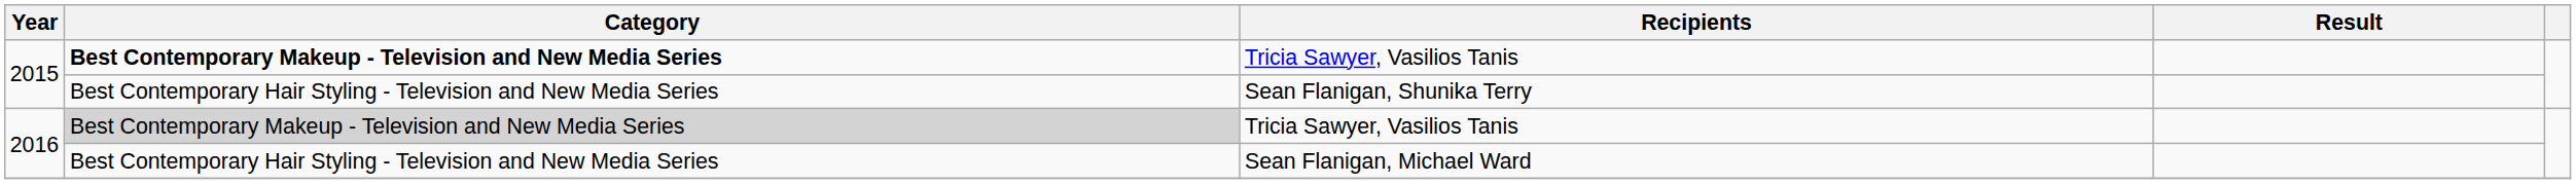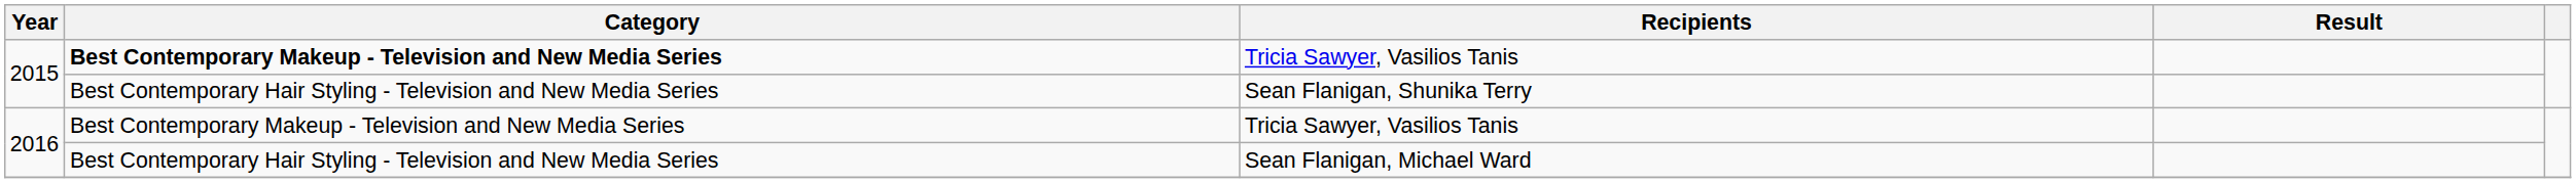 <table class="wikitable plainrowheaders" style="font-size: 90%" width=85%>
 <tr>
 <th scope="col" style="width:2%;">Year</th>
 <th scope="col" style="width:45%;">Category</th>
 <th scope="col" style="width:35%;">Recipients</th>
 <th scope="col" style="width:15%;">Result</th>
 <th scope="col" class="unsortable" style="width:1%;"></th>
 </tr>
 <tr>
 <td rowspan=2>2015</td>
 <td><strong>Best Contemporary Makeup - Television and New Media Series</strong></td>
 <td><a href='#'>Tricia Sawyer</a>, Vasilios Tanis</td>
 <td></td>
 <td rowspan=2 style="text-align:center;"></td>
 </tr>
 <tr>
 <td>Best Contemporary Hair Styling - Television and New Media Series</td>
 <td>Sean Flanigan, Shunika Terry</td>
 <td></td>
 </tr>
 <tr>
 <td rowspan=2>2016</td>
-<td style="background: lightgrey;">Best Contemporary Makeup - Television and New Media Series</td>
+<td>Best Contemporary Makeup - Television and New Media Series</td>
 <td>Tricia Sawyer, Vasilios Tanis</td>
 <td></td>
 <td rowspan=2 style="text-align:center;"></td>
 </tr>
 <tr>
 <td>Best Contemporary Hair Styling - Television and New Media Series</td>
 <td>Sean Flanigan, Michael Ward</td>
 <td></td>
 </tr>
 <tr>
 </tr>
 </table>
